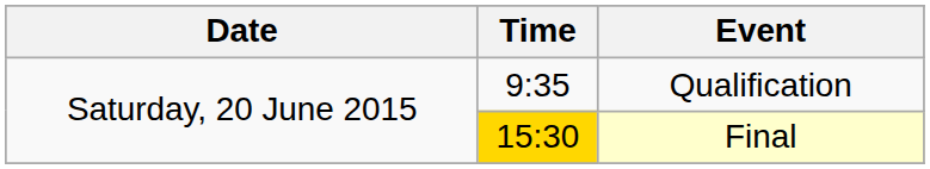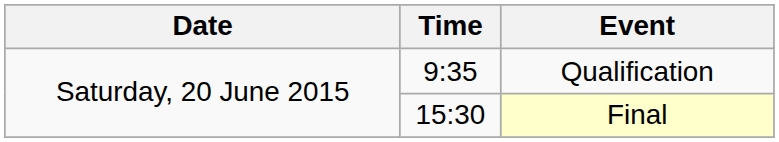 <table class = "wikitable" style="text-align:center;">
 <tr>
 <th width=220>Date</th>
 <th width=50>Time</th>
 <th width=150>Event</th>
 </tr>
 <tr>
 <td rowspan=2>Saturday, 20 June 2015</td>
 <td>9:35</td>
 <td>Qualification</td>
 </tr>
 <tr>
-<td style="background: gold;">15:30</td>
+<td>15:30</td>
 <td bgcolor=ffffcc>Final</td>
 </tr>
 </table>
